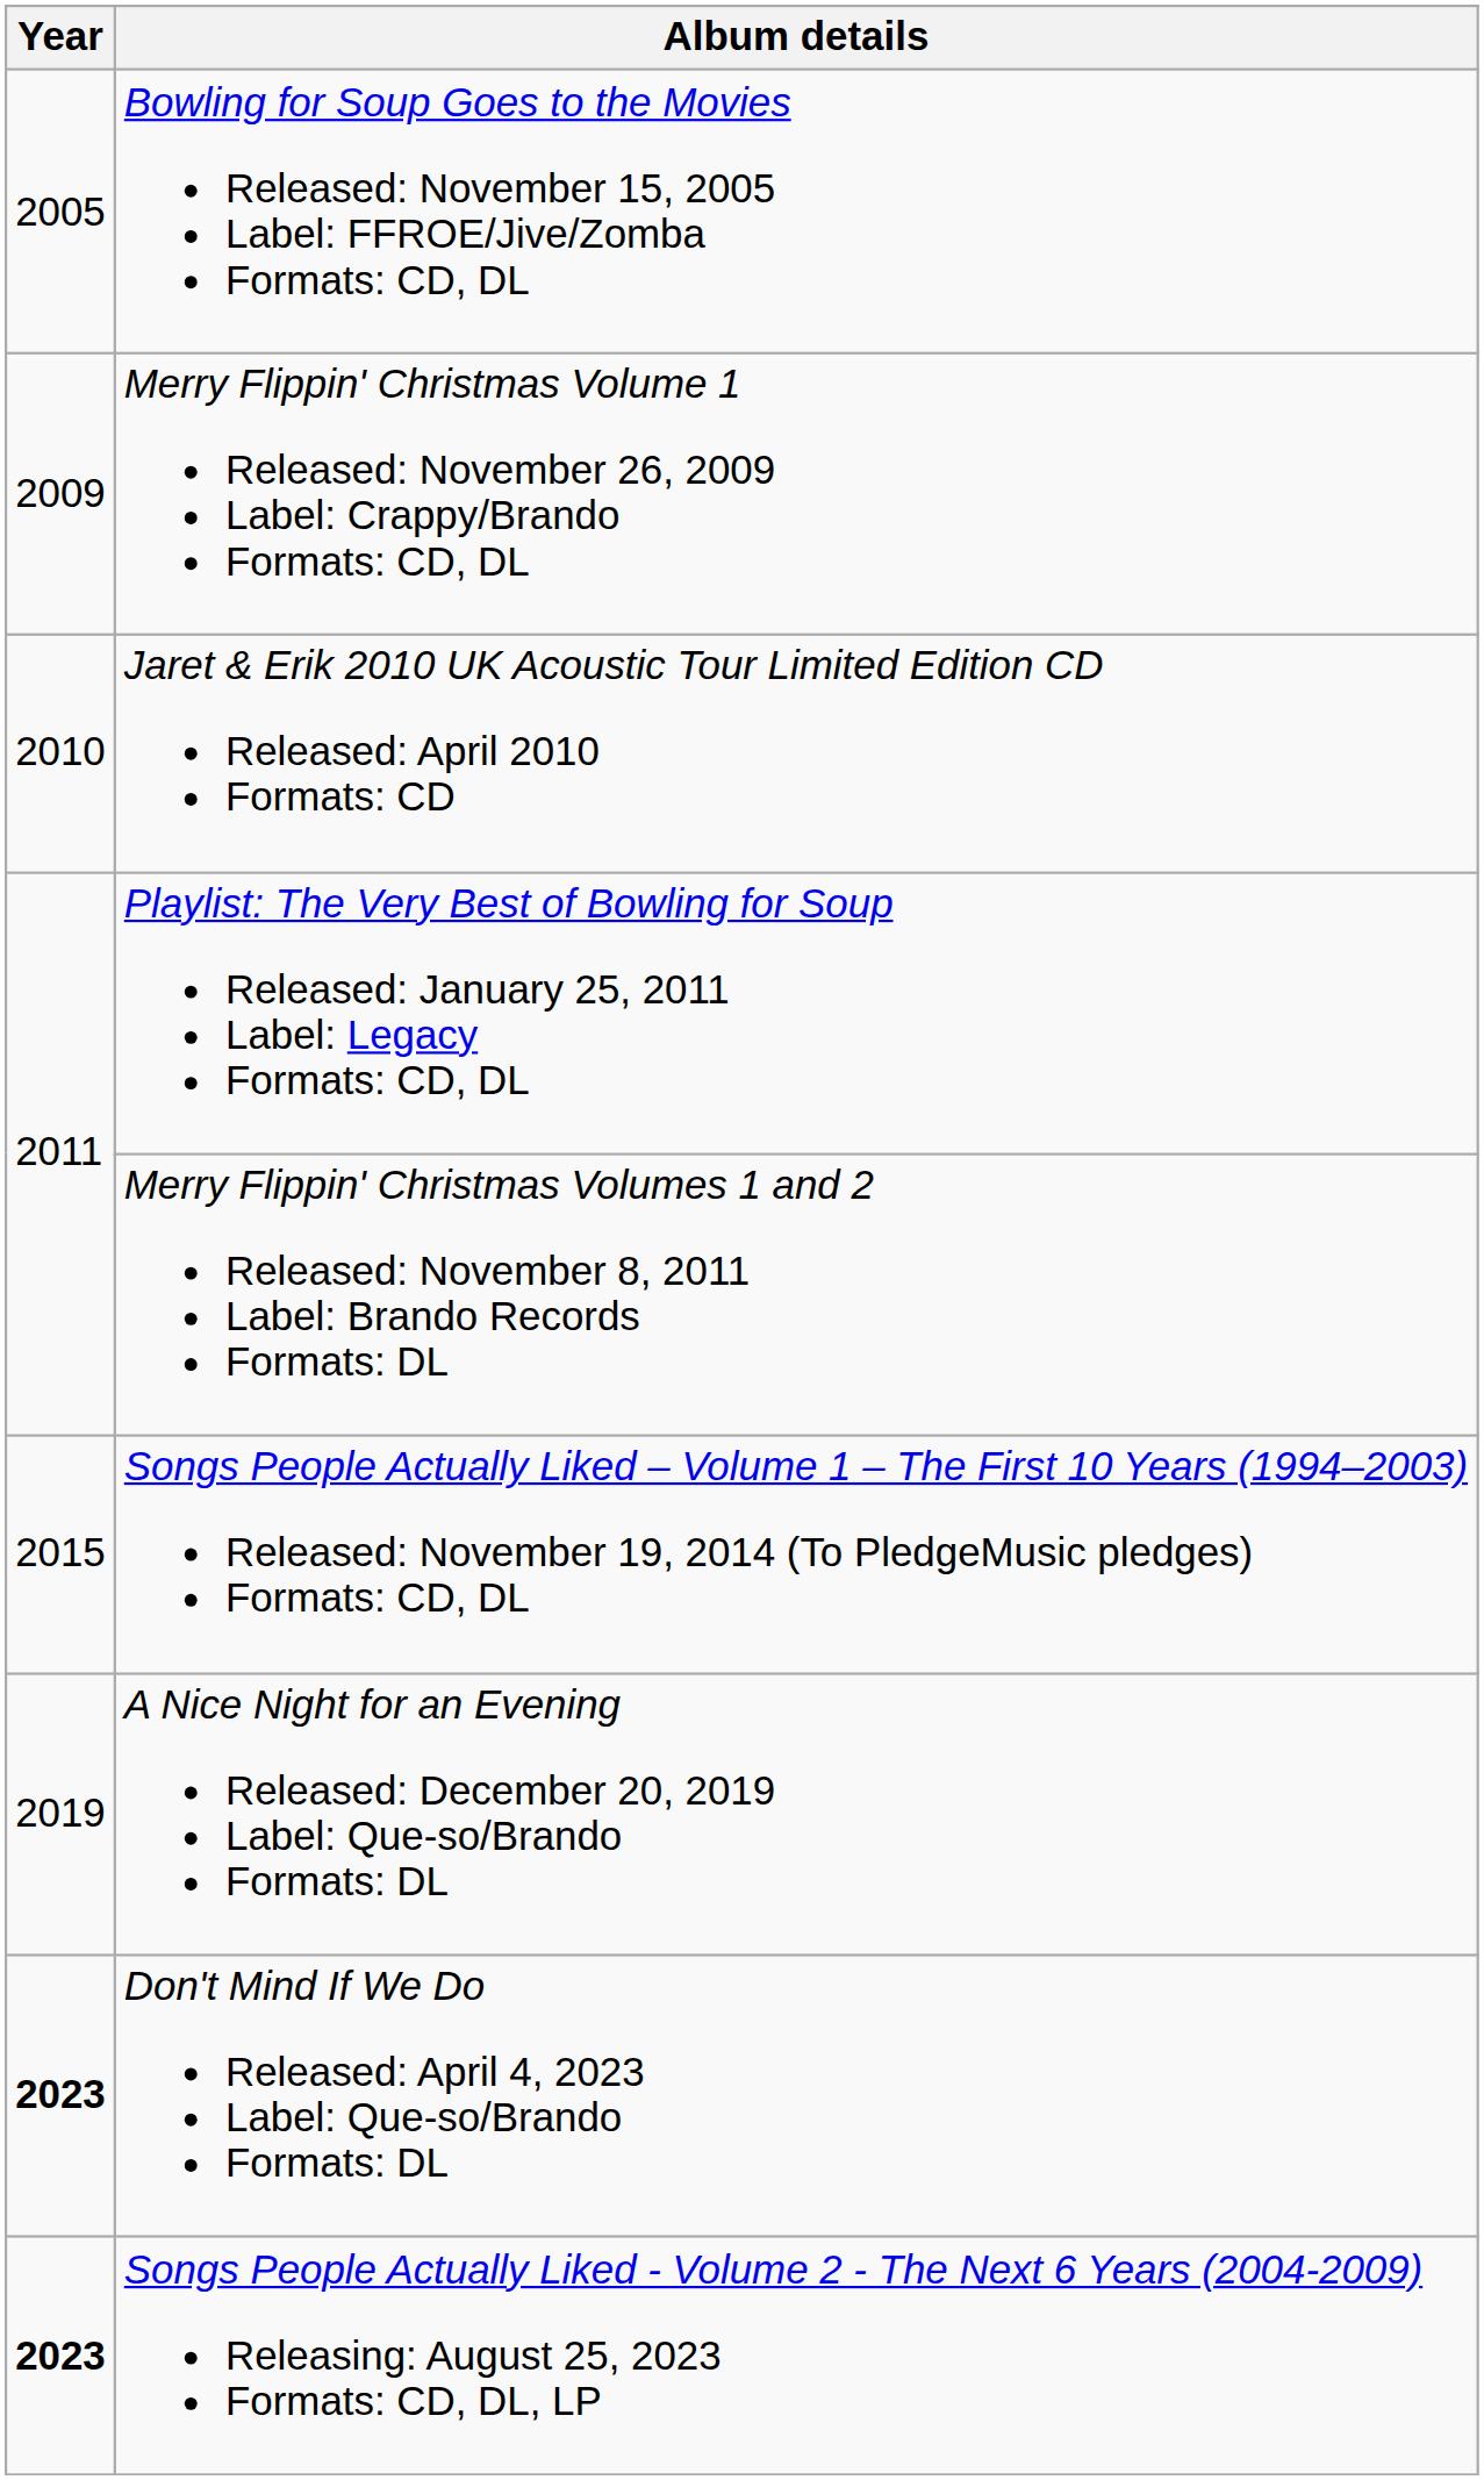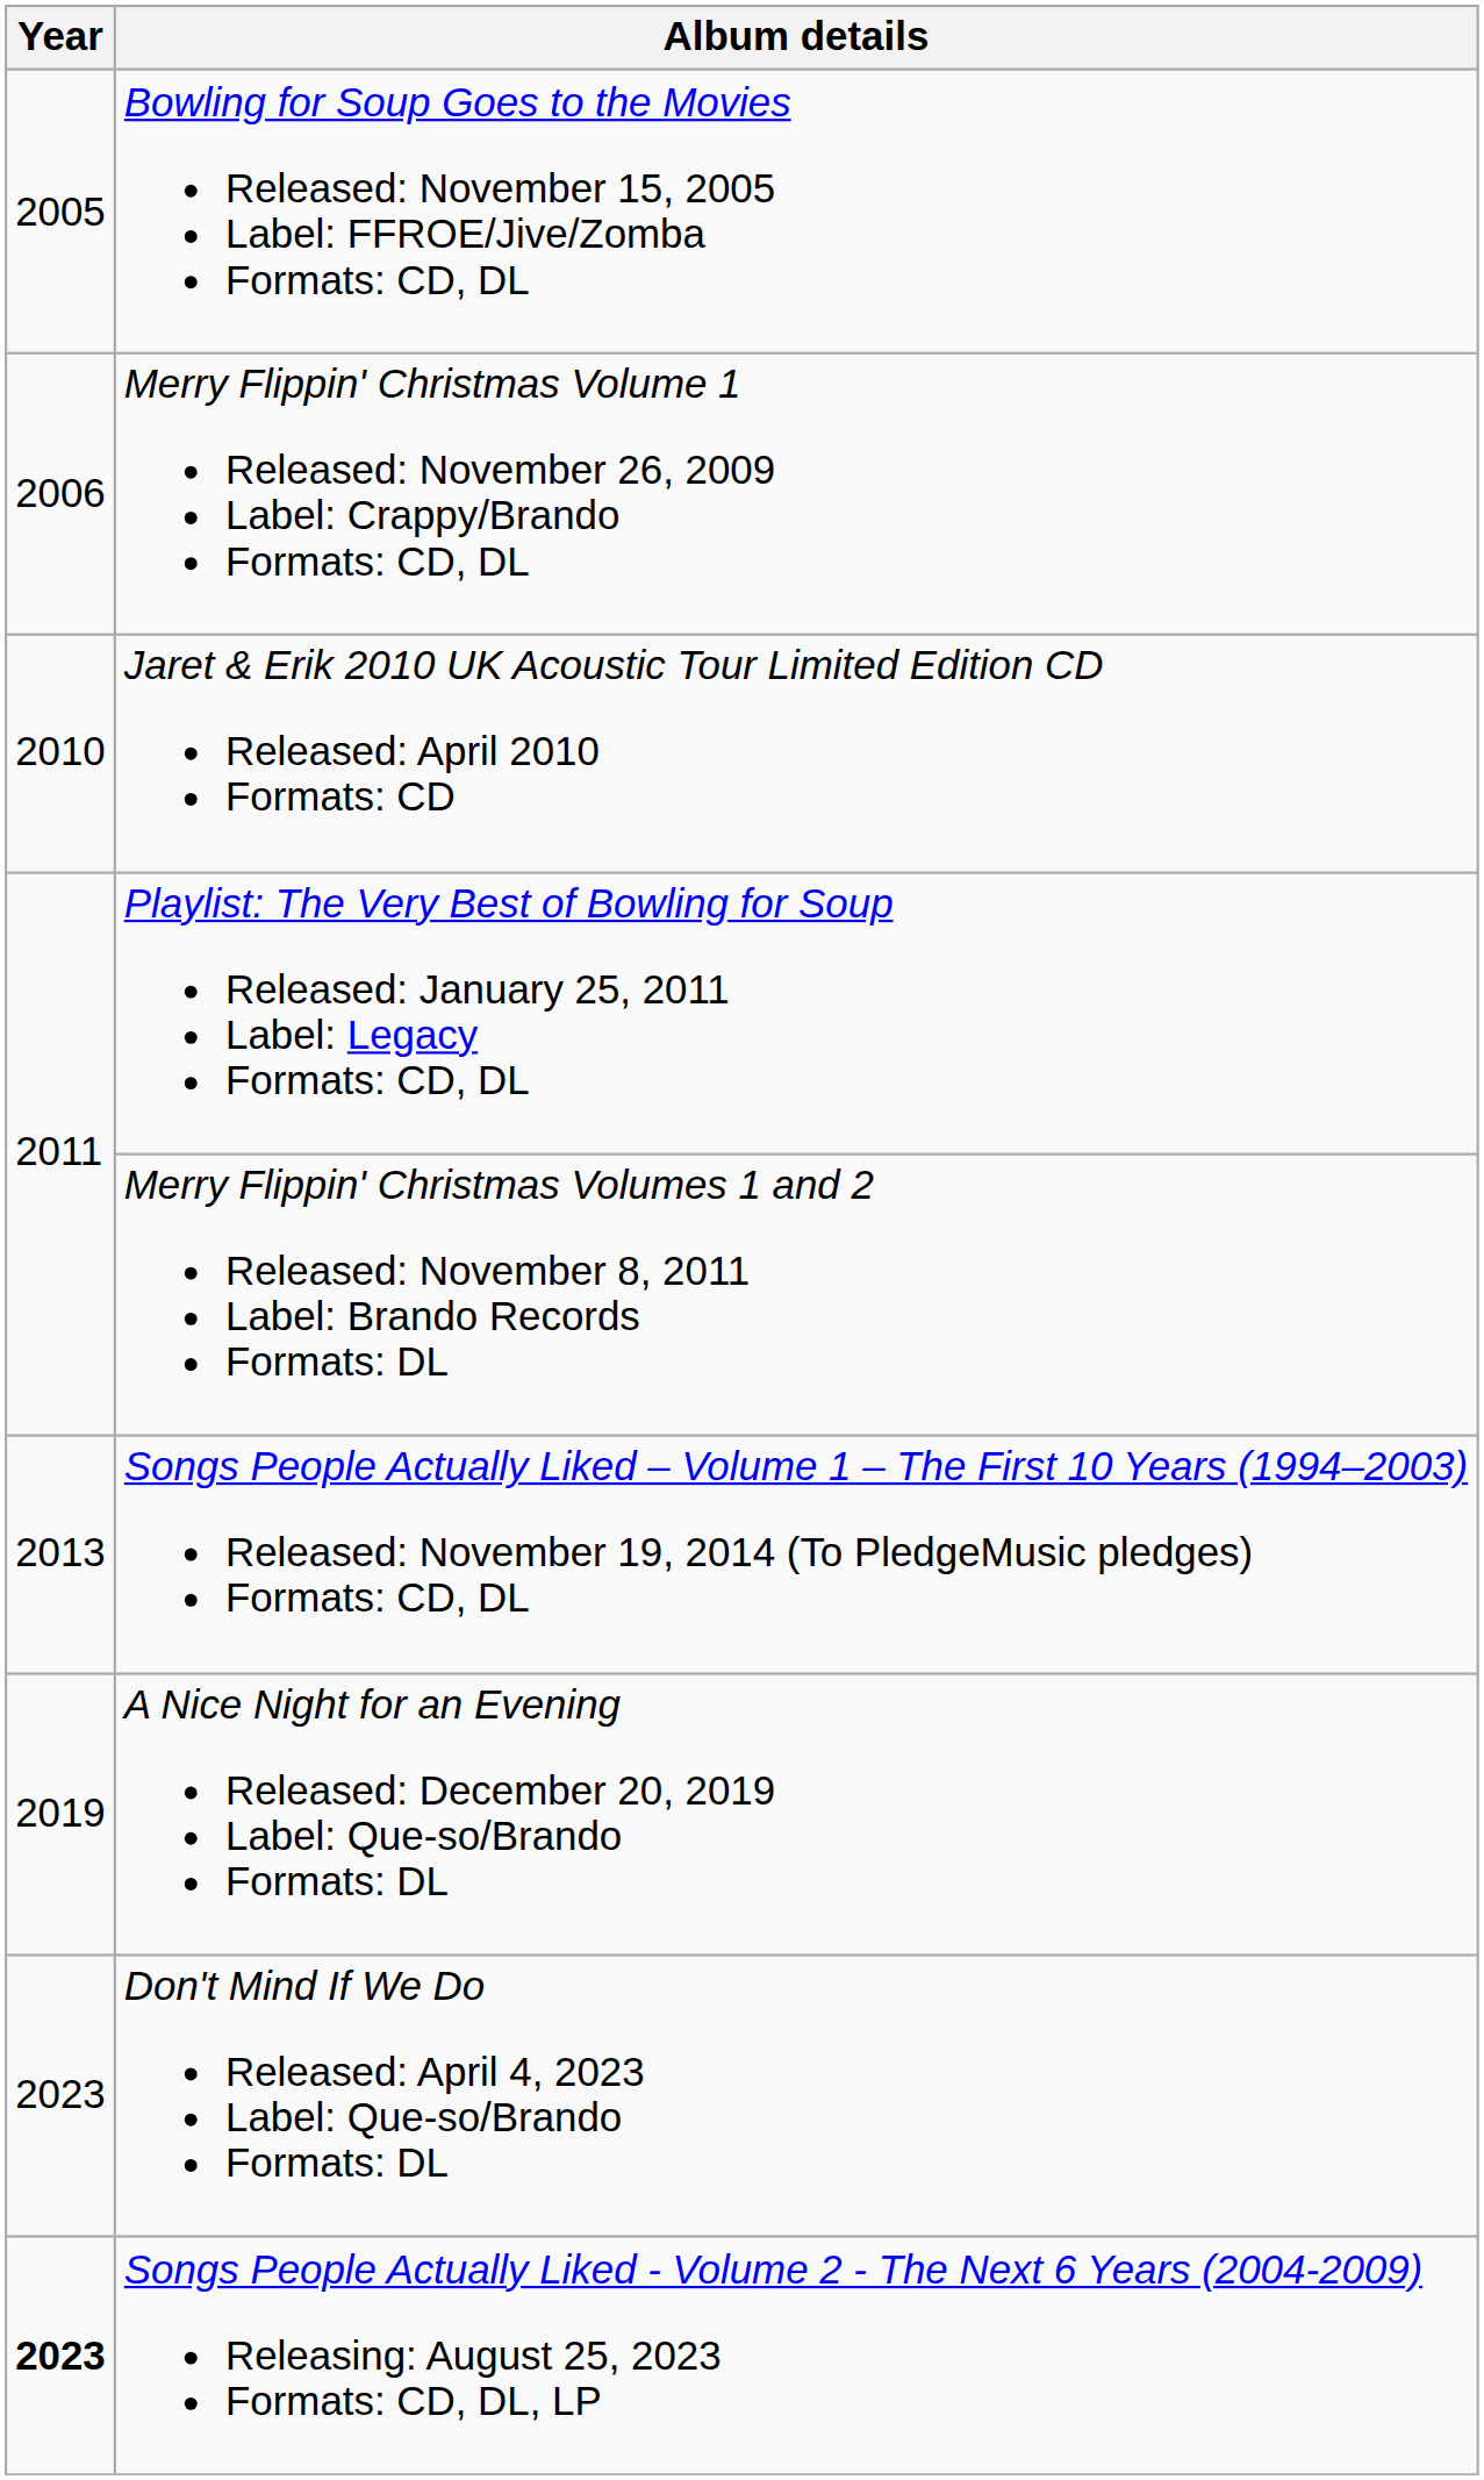 <table class="wikitable" style="white-space:nowrap;">
 <tr>
 <th>Year</th>
 <th style="width:250px;">Album details</th>
 </tr>
 <tr>
 <td>2005</td>
 <td align="left"><em> <a href='#'>Bowling for Soup Goes to the Movies</a> </em><br><ul><li>Released: November 15, 2005</li><li>Label: FFROE/Jive/Zomba</li><li>Formats: CD, DL</li></ul></td>
 </tr>
 <tr>
-<td>2009</td>
+<td>2006</td>
 <td align="left"><em> Merry Flippin' Christmas Volume 1 </em><br><ul><li>Released: November 26, 2009</li><li>Label: Crappy/Brando</li><li>Formats: CD, DL</li></ul></td>
 </tr>
 <tr>
 <td>2010</td>
 <td align="left"><em> Jaret & Erik 2010 UK Acoustic Tour Limited Edition CD </em><br><ul><li>Released: April 2010</li><li>Formats: CD</li></ul></td>
 </tr>
 <tr>
 <td rowspan="2">2011</td>
 <td><em><a href='#'>Playlist: The Very Best of Bowling for Soup</a></em><br><ul><li>Released: January 25, 2011</li><li>Label: <a href='#'>Legacy</a></li><li>Formats: CD, DL</li></ul></td>
 </tr>
 <tr>
 <td align="left"><em> Merry Flippin' Christmas Volumes 1 and 2 </em><br><ul><li>Released: November 8, 2011</li><li>Label: Brando Records</li><li>Formats: DL</li></ul></td>
 </tr>
 <tr>
-<td>2015</td>
+<td>2013</td>
 <td><em><a href='#'>Songs People Actually Liked – Volume 1 – The First 10 Years (1994–2003)</a></em><br><ul><li>Released: November 19, 2014 (To PledgeMusic pledges)</li><li>Formats: CD, DL</li></ul></td>
 </tr>
 <tr>
 <td>2019</td>
 <td><em>A Nice Night for an Evening</em><br><ul><li>Released: December 20, 2019</li><li>Label: Que-so/Brando</li><li>Formats: DL</li></ul></td>
 </tr>
 <tr>
-<td><strong>2023</strong></td>
+<td>2023</td>
 <td><em> Don't Mind If We Do </em><br><ul><li>Released: April 4, 2023</li><li>Label: Que-so/Brando</li><li>Formats: DL</li></ul></td>
 </tr>
 <tr>
 <td><strong>2023</strong></td>
 <td><em><a href='#'>Songs People Actually Liked - Volume 2 - The Next 6 Years (2004-2009)</a></em><br><ul><li>Releasing: August 25, 2023</li><li>Formats: CD, DL, LP</li></ul></td>
 </tr>
 </table>
